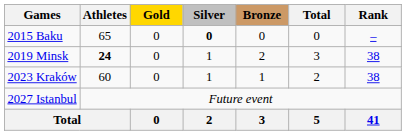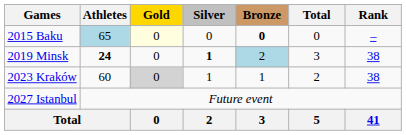 <table class="wikitable" style="text-align:center; font-size:90%;">
 <tr>
 <th>Games</th>
 <th>Athletes</th>
 <td style="background:gold; width:3.7em; font-weight:bold;">Gold</td>
 <td style="background:silver; width:3.7em; font-weight:bold;">Silver</td>
 <td style="background:#cc9966; width:3.7em; font-weight:bold;">Bronze</td>
 <th style="width:4em; font-weight:bold;">Total</th>
 <th style="width:4em; font-weight:bold;">Rank</th>
 </tr>
 <tr>
 <td align=left> <a href='#'>2015 Baku</a></td>
-<td>65</td>
+<td style="background: lightblue;">65</td>
+<td style="background: lightyellow;">0</td>
 <td>0</td>
 <td><strong>0</strong></td>
-<td>0</td>
 <td>0</td>
 <td><a href='#'>–</a></td>
 </tr>
 <tr>
 <td align=left> <a href='#'>2019 Minsk</a></td>
 <td><strong>24</strong></td>
 <td>0</td>
-<td>1</td>
-<td>2</td>
+<td><strong>1</strong></td>
+<td style="background: lightblue;">2</td>
 <td>3</td>
 <td><a href='#'>38</a></td>
 </tr>
 <tr>
 <td align=left> <a href='#'>2023 Kraków</a></td>
 <td>60</td>
-<td>0</td>
+<td style="background: lightgrey;">0</td>
 <td>1</td>
 <td>1</td>
 <td>2</td>
 <td><a href='#'>38</a></td>
 </tr>
 <tr>
 <td align=left> <a href='#'>2027 Istanbul</a></td>
 <td colspan=6><em>Future event</em></td>
 </tr>
 <tr>
 <th colspan=2>Total</th>
 <th>0</th>
 <th>2</th>
 <th>3</th>
 <th>5</th>
 <th><a href='#'>41</a></th>
 </tr>
 </table>
